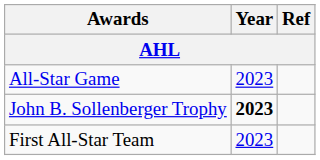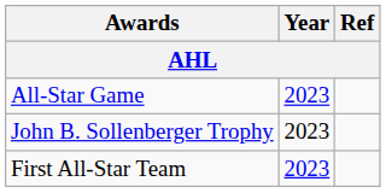 <table class="wikitable">
 <tr>
 <th>Awards</th>
 <th>Year</th>
 <th>Ref</th>
 </tr>
 <tr>
 <th colspan="3"><a href='#'>AHL</a></th>
 </tr>
 <tr>
 <td><a href='#'>All-Star Game</a></td>
 <td><a href='#'>2023</a></td>
 <td></td>
 </tr>
 <tr>
 <td><a href='#'>John B. Sollenberger Trophy</a></td>
-<td><strong>2023</strong></td>
+<td>2023</td>
 <td></td>
 </tr>
 <tr>
 <td>First All-Star Team</td>
 <td><a href='#'>2023</a></td>
 <td></td>
 </tr>
 </table>
